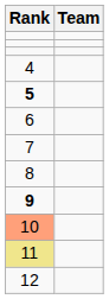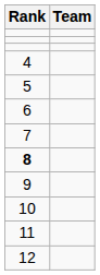 <table class="wikitable" style="text-align:center;">
 <tr>
 <th>Rank</th>
 <th>Team</th>
 </tr>
 <tr>
 <td></td>
 <td style="text-align:left"></td>
 </tr>
 <tr>
 <td></td>
 <td style="text-align:left"></td>
 </tr>
 <tr>
 <td></td>
 <td style="text-align:left"></td>
 </tr>
 <tr>
 <td>4</td>
 <td style="text-align:left"></td>
 </tr>
 <tr>
-<td><strong>5</strong></td>
+<td>5</td>
 <td style="text-align:left"></td>
 </tr>
 <tr>
 <td>6</td>
 <td style="text-align:left"></td>
 </tr>
 <tr>
 <td>7</td>
 <td style="text-align:left"></td>
 </tr>
 <tr>
-<td>8</td>
+<td><strong>8</strong></td>
 <td style="text-align:left"></td>
 </tr>
 <tr>
-<td><strong>9</strong></td>
+<td>9</td>
 <td style="text-align:left"></td>
 </tr>
 <tr>
-<td style="background: lightsalmon;">10</td>
+<td>10</td>
 <td style="text-align:left"></td>
 </tr>
 <tr>
-<td style="background: khaki;">11</td>
+<td>11</td>
 <td style="text-align:left"></td>
 </tr>
 <tr>
 <td>12</td>
 <td style="text-align:left"></td>
 </tr>
 </table>
